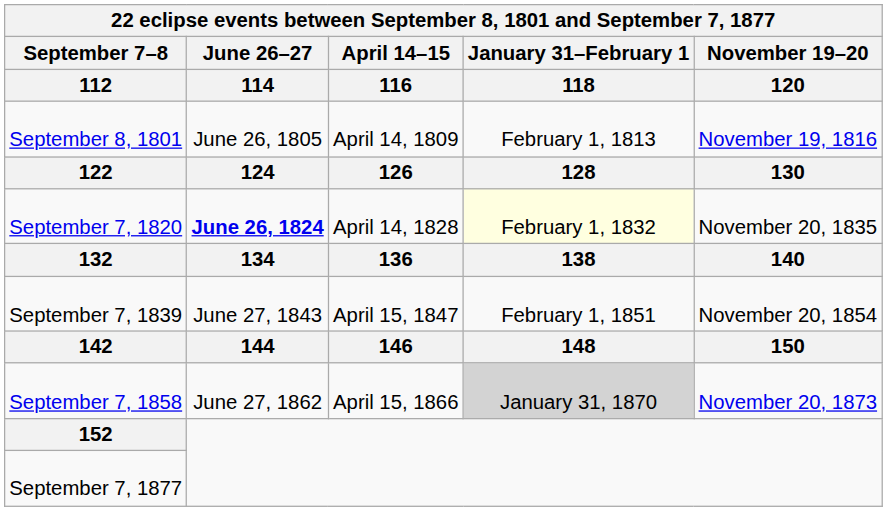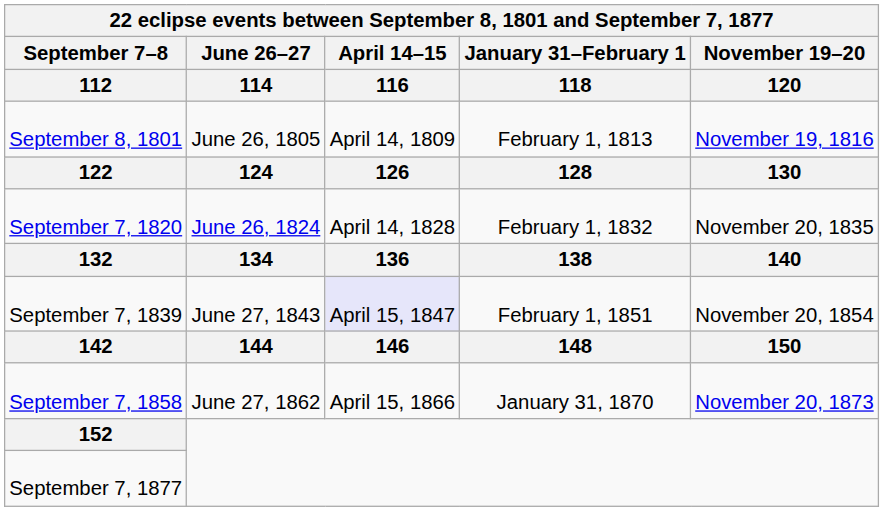 <table class="wikitable mw-collapsible mw-collapsed">
 <tr>
 <th colspan=5>22 eclipse events between September 8, 1801 and September 7, 1877</th>
 </tr>
 <tr>
 <th>September 7–8</th>
 <th>June 26–27</th>
 <th>April 14–15</th>
 <th>January 31–February 1</th>
 <th>November 19–20</th>
 </tr>
 <tr>
 <th>112</th>
 <th>114</th>
 <th>116</th>
 <th>118</th>
 <th>120</th>
 </tr>
 <tr style="text-align:center;">
 <td><br><a href='#'>September 8, 1801</a></td>
 <td><br>June 26, 1805</td>
 <td><br>April 14, 1809</td>
 <td><br>February 1, 1813</td>
 <td><br><a href='#'>November 19, 1816</a></td>
 </tr>
 <tr>
 <th>122</th>
 <th>124</th>
 <th>126</th>
 <th>128</th>
 <th>130</th>
 </tr>
 <tr style="text-align:center;">
 <td><br><a href='#'>September 7, 1820</a></td>
-<td><strong><br><a href='#'>June 26, 1824</a></strong></td>
+<td><br><a href='#'>June 26, 1824</a></td>
 <td><br>April 14, 1828</td>
-<td style="background: lightyellow;"><br>February 1, 1832</td>
+<td><br>February 1, 1832</td>
 <td><br>November 20, 1835</td>
 </tr>
 <tr>
 <th>132</th>
 <th>134</th>
 <th>136</th>
 <th>138</th>
 <th>140</th>
 </tr>
 <tr style="text-align:center;">
 <td><br>September 7, 1839</td>
 <td><br>June 27, 1843</td>
-<td><br>April 15, 1847</td>
+<td style="background: lavender;"><br>April 15, 1847</td>
 <td><br>February 1, 1851</td>
 <td><br>November 20, 1854</td>
 </tr>
 <tr>
 <th>142</th>
 <th>144</th>
 <th>146</th>
 <th>148</th>
 <th>150</th>
 </tr>
 <tr style="text-align:center;">
 <td><br><a href='#'>September 7, 1858</a></td>
 <td><br>June 27, 1862</td>
 <td><br>April 15, 1866</td>
-<td style="background: lightgrey;"><br>January 31, 1870</td>
+<td><br>January 31, 1870</td>
 <td><br><a href='#'>November 20, 1873</a></td>
 </tr>
 <tr>
 <th>152</th>
 </tr>
 <tr style="text-align:center;">
 <td><br>September 7, 1877</td>
 </tr>
 </table>
